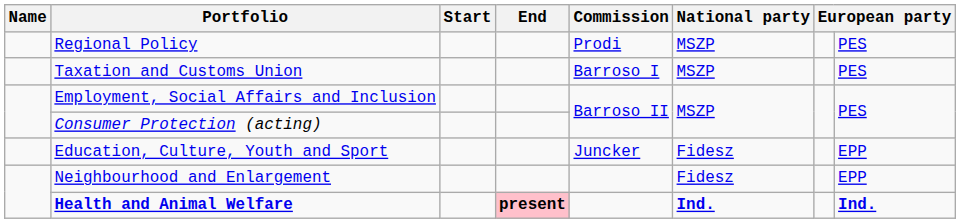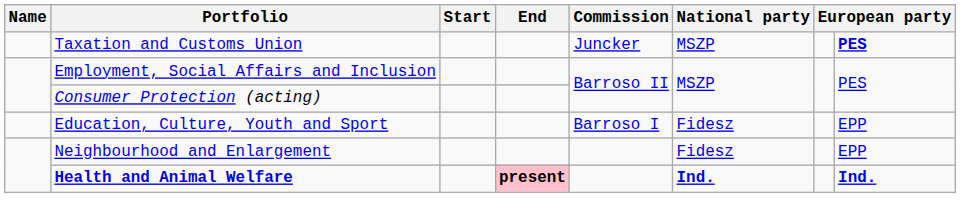 <table class="wikitable sortable" style="font-size: 90%;">
 <tr>
 <th>Name</th>
 <th>Portfolio</th>
 <th>Start</th>
 <th>End</th>
 <th>Commission</th>
 <th>National party</th>
 <th colspan=2>European party</th>
 </tr>
 <tr>
 <td></td>
-<td><a href='#'>Regional Policy</a></td>
-<td></td>
-<td></td>
-<td><a href='#'>Prodi</a></td>
-<td><a href='#'>MSZP</a></td>
-<td style="background:"></td>
-<td><a href='#'>PES</a></td>
-</tr>
-<tr>
-<td></td>
 <td><a href='#'>Taxation and Customs Union</a></td>
 <td></td>
 <td></td>
-<td><a href='#'>Barroso I</a></td>
+<td><a href='#'>Juncker</a></td>
 <td><a href='#'>MSZP</a></td>
 <td style="background:"></td>
-<td><a href='#'>PES</a></td>
+<td><strong><a href='#'>PES</a></strong></td>
 </tr>
 <tr>
 <td rowspan=2></td>
 <td><a href='#'>Employment, Social Affairs and Inclusion</a></td>
 <td></td>
 <td></td>
 <td rowspan=2><a href='#'>Barroso II</a></td>
 <td rowspan=2><a href='#'>MSZP</a></td>
 <td rowspan=2 style="background:"></td>
 <td rowspan=2><a href='#'>PES</a></td>
 </tr>
 <tr>
 <td><em><a href='#'>Consumer Protection</a> (acting)</em></td>
 <td><em></em></td>
 <td><em></em></td>
 </tr>
 <tr>
 <td></td>
 <td><a href='#'>Education, Culture, Youth and Sport</a></td>
 <td></td>
 <td></td>
-<td><a href='#'>Juncker</a></td>
+<td><a href='#'>Barroso I</a></td>
 <td><a href='#'>Fidesz</a></td>
 <td style="background:"></td>
 <td><a href='#'>EPP</a></td>
 </tr>
 <tr>
 <td rowspan=2><strong></strong></td>
 <td><a href='#'>Neighbourhood and Enlargement</a></td>
 <td></td>
 <td></td>
 <td></td>
 <td><a href='#'>Fidesz</a></td>
 <td style="background:"></td>
 <td><a href='#'>EPP</a></td>
 </tr>
 <tr>
 <td><strong><a href='#'>Health and Animal Welfare</a></strong></td>
 <td><strong></strong></td>
 <td style="background: pink;"><strong>present</strong></td>
 <td><strong></strong></td>
 <td><strong><a href='#'>Ind.</a></strong></td>
 <td style="background:"></td>
 <td><strong><a href='#'>Ind.</a></strong></td>
 </tr>
 </table>
